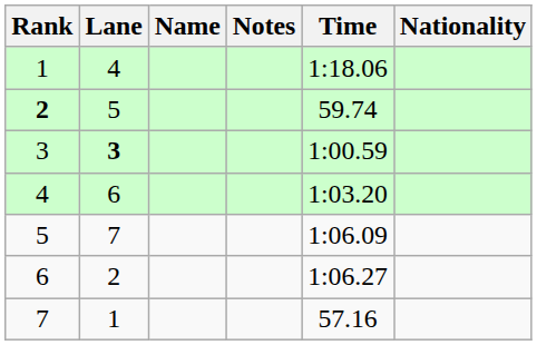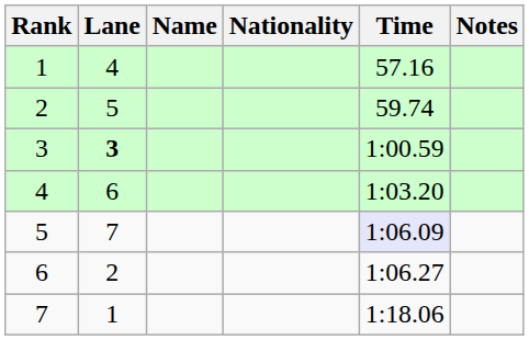 <table class="wikitable sortable" style="text-align:center">
 <tr>
 <th>Rank</th>
 <th>Lane</th>
 <th>Name</th>
+<th>Nationality</th>
+<th>Time</th>
 <th>Notes</th>
-<th>Time</th>
-<th>Nationality</th>
 </tr>
 <tr bgcolor=ccffcc>
 <td>1</td>
 <td>4</td>
 <td align=left></td>
+<td align=left></td>
+<td>57.16</td>
 <td><strong></strong> <strong></strong></td>
-<td>1:18.06</td>
-<td align=left></td>
 </tr>
 <tr bgcolor=ccffcc>
-<td><strong>2</strong></td>
+<td>2</td>
 <td>5</td>
 <td align=left></td>
+<td align=left></td>
+<td>59.74</td>
 <td><strong></strong></td>
-<td>59.74</td>
-<td align=left></td>
 </tr>
 <tr bgcolor=ccffcc>
 <td>3</td>
 <td><strong>3</strong></td>
 <td align=left></td>
+<td align=left></td>
+<td>1:00.59</td>
 <td><strong></strong></td>
-<td>1:00.59</td>
-<td align=left></td>
 </tr>
 <tr bgcolor=ccffcc>
 <td>4</td>
 <td>6</td>
 <td align=left></td>
+<td align=left></td>
+<td>1:03.20</td>
 <td><strong></strong></td>
-<td>1:03.20</td>
-<td align=left></td>
 </tr>
 <tr>
 <td>5</td>
 <td>7</td>
 <td align=left></td>
+<td align=left></td>
+<td style="background: lavender;">1:06.09</td>
 <td></td>
-<td>1:06.09</td>
-<td align=left></td>
 </tr>
 <tr>
 <td>6</td>
 <td>2</td>
 <td align=left></td>
+<td align=left></td>
+<td>1:06.27</td>
 <td></td>
-<td>1:06.27</td>
-<td align=left></td>
 </tr>
 <tr>
 <td>7</td>
 <td>1</td>
 <td align=left></td>
+<td align=left></td>
+<td>1:18.06</td>
 <td></td>
-<td>57.16</td>
-<td align=left></td>
 </tr>
 </table>
